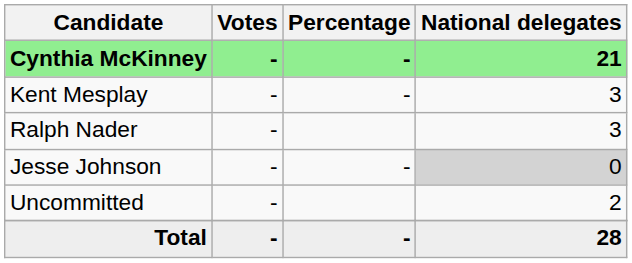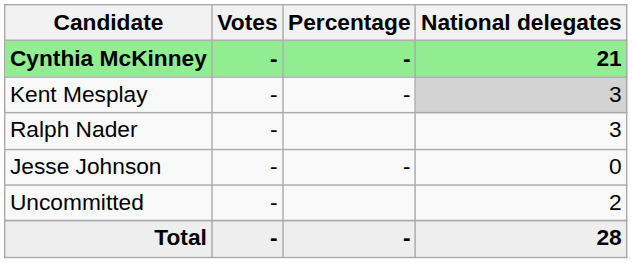 <table class="wikitable" style=" text-align:right;">
 <tr>
 <th>Candidate</th>
 <th>Votes</th>
 <th>Percentage</th>
 <th>National delegates</th>
 </tr>
 <tr style="background:lightgreen;">
 <td style="text-align:left;"><strong>Cynthia McKinney</strong></td>
 <td><strong>-</strong></td>
 <td><strong>-</strong></td>
 <td><strong>21</strong></td>
 </tr>
 <tr>
 <td style="text-align:left;">Kent Mesplay</td>
 <td>-</td>
 <td>-</td>
-<td>3</td>
+<td style="background: lightgrey;">3</td>
 </tr>
 <tr>
 <td style="text-align:left;">Ralph Nader</td>
 <td>-</td>
 <td></td>
 <td>3</td>
 </tr>
 <tr>
 <td style="text-align:left;">Jesse Johnson</td>
 <td>-</td>
 <td>-</td>
-<td style="background: lightgrey;">0</td>
+<td>0</td>
 </tr>
 <tr>
 <td style="text-align:left;">Uncommitted</td>
 <td>-</td>
 <td></td>
 <td>2</td>
 </tr>
 <tr>
 </tr>
 <tr style="background:#eee;">
 <td style="margin-right:0.50px"><strong>Total</strong></td>
 <td style="margin-right:0.50px"><strong>-</strong></td>
 <td style="margin-right:0.50px"><strong>-</strong></td>
 <td style="margin-right:0.50px"><strong>28</strong></td>
 </tr>
 </table>
